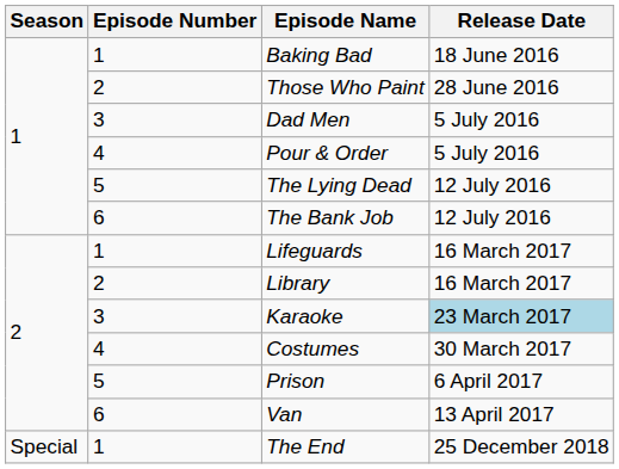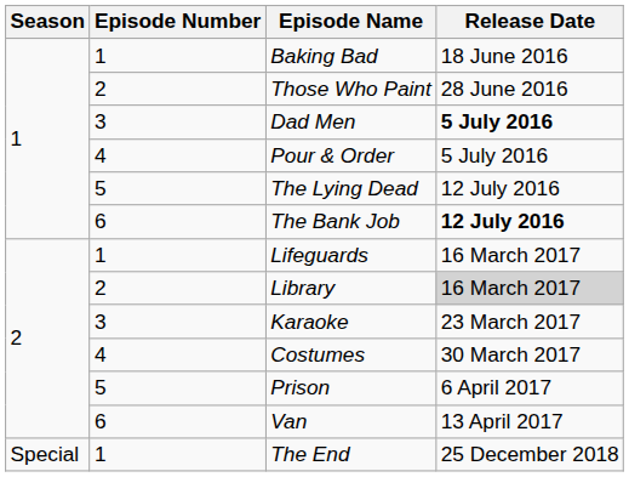 <table class="wikitable">
 <tr>
 <th>Season</th>
 <th>Episode Number</th>
 <th>Episode Name</th>
 <th>Release Date</th>
 </tr>
 <tr>
 <td rowspan="6">1</td>
 <td>1</td>
 <td><em>Baking Bad</em></td>
 <td>18 June 2016</td>
 </tr>
 <tr>
 <td>2</td>
 <td><em>Those Who Paint</em></td>
 <td>28 June 2016</td>
 </tr>
 <tr>
 <td>3</td>
 <td><em>Dad Men</em></td>
-<td>5 July 2016</td>
+<td><strong>5 July 2016</strong></td>
 </tr>
 <tr>
 <td>4</td>
 <td><em>Pour & Order</em></td>
 <td>5 July 2016</td>
 </tr>
 <tr>
 <td>5</td>
 <td><em>The Lying Dead</em></td>
 <td>12 July 2016</td>
 </tr>
 <tr>
 <td>6</td>
 <td><em>The Bank Job</em></td>
-<td>12 July 2016</td>
+<td><strong>12 July 2016</strong></td>
 </tr>
 <tr>
 <td rowspan="6">2</td>
 <td>1</td>
 <td><em>Lifeguards</em></td>
 <td>16 March 2017</td>
 </tr>
 <tr>
 <td>2</td>
 <td><em>Library</em></td>
-<td>16 March 2017</td>
+<td style="background: lightgrey;">16 March 2017</td>
 </tr>
 <tr>
 <td>3</td>
 <td><em>Karaoke</em></td>
-<td style="background: lightblue;">23 March 2017</td>
+<td>23 March 2017</td>
 </tr>
 <tr>
 <td>4</td>
 <td><em>Costumes</em></td>
 <td>30 March 2017</td>
 </tr>
 <tr>
 <td>5</td>
 <td><em>Prison</em></td>
 <td>6 April 2017</td>
 </tr>
 <tr>
 <td>6</td>
 <td><em>Van</em></td>
 <td>13 April 2017</td>
 </tr>
 <tr>
 <td rowspan="6">Special</td>
 <td>1</td>
 <td><em>The End</em></td>
 <td>25 December 2018</td>
 </tr>
 </table>
